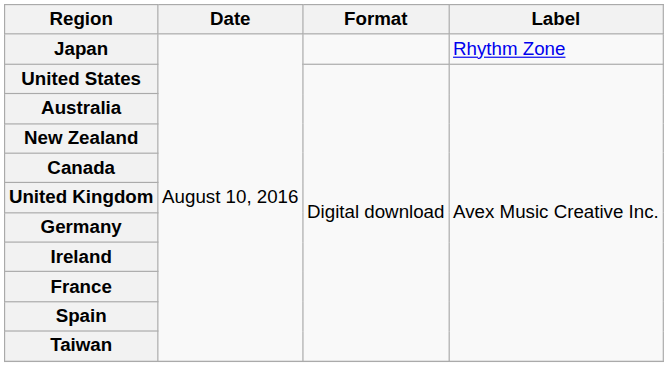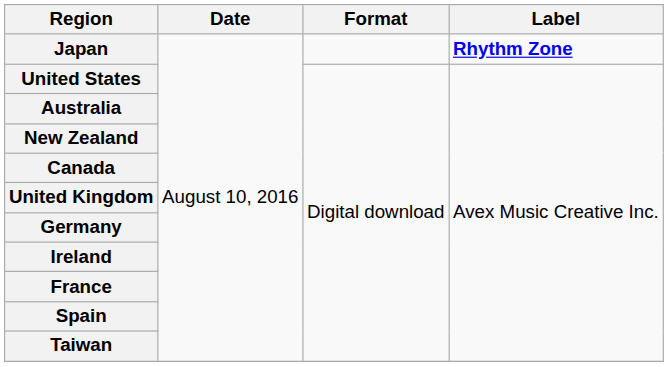 <table class="wikitable plainrowheaders">
 <tr>
 <th scope="col">Region</th>
 <th scope="col">Date</th>
 <th scope="col">Format</th>
 <th scope="col">Label</th>
 </tr>
 <tr>
 <th scope="row">Japan</th>
 <td rowspan="11">August 10, 2016</td>
 <td></td>
-<td><a href='#'>Rhythm Zone</a></td>
+<td><strong><a href='#'>Rhythm Zone</a></strong></td>
 </tr>
 <tr>
 <th scope="row">United States</th>
 <td rowspan="10">Digital download</td>
 <td rowspan="10">Avex Music Creative Inc.</td>
 </tr>
 <tr>
 <th scope="row">Australia</th>
 </tr>
 <tr>
 <th scope="row">New Zealand</th>
 </tr>
 <tr>
 <th scope="row">Canada</th>
 </tr>
 <tr>
 <th scope="row">United Kingdom</th>
 </tr>
 <tr>
 <th scope="row">Germany</th>
 </tr>
 <tr>
 <th scope="row">Ireland</th>
 </tr>
 <tr>
 <th scope="row">France</th>
 </tr>
 <tr>
 <th scope="row">Spain</th>
 </tr>
 <tr>
 <th scope="row">Taiwan</th>
 </tr>
 <tr>
 </tr>
 </table>
